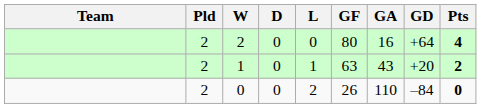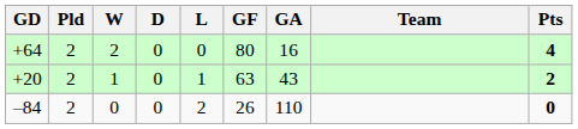 <table class="wikitable" style="text-align: center;">
 <tr>
-<th width="180">Team</th>
+<th width="30">GD</th>
 <th width="30">Pld</th>
 <th width="30">W</th>
 <th width="30">D</th>
 <th width="30">L</th>
 <th width="30">GF</th>
 <th width="30">GA</th>
-<th width="30">GD</th>
+<th width="180">Team</th>
 <th width="30">Pts</th>
 </tr>
 <tr align=center bgcolor=ccffcc>
-<td align="left"></td>
+<td>+64</td>
 <td>2</td>
 <td>2</td>
 <td>0</td>
 <td>0</td>
 <td>80</td>
 <td>16</td>
-<td>+64</td>
+<td align="left"></td>
 <td><strong>4</strong></td>
 </tr>
 <tr align=center bgcolor=ccffcc>
-<td align="left"></td>
+<td>+20</td>
 <td>2</td>
 <td>1</td>
 <td>0</td>
 <td>1</td>
 <td>63</td>
 <td>43</td>
-<td>+20</td>
+<td align="left"></td>
 <td><strong>2</strong></td>
 </tr>
 <tr>
-<td align="left"></td>
+<td>–84</td>
 <td>2</td>
 <td>0</td>
 <td>0</td>
 <td>2</td>
 <td>26</td>
 <td>110</td>
-<td>–84</td>
+<td align="left"></td>
 <td><strong>0</strong></td>
 </tr>
 </table>
